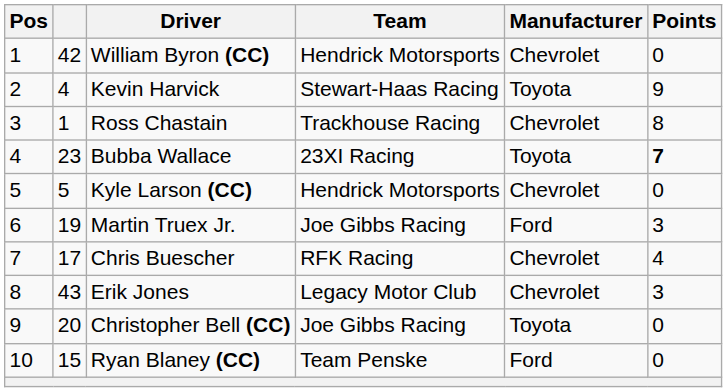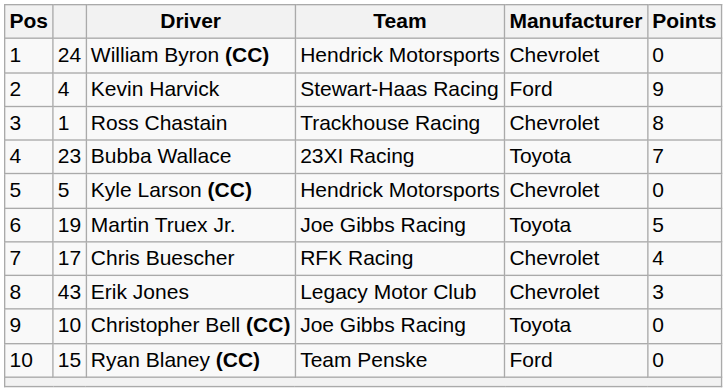 <table class="wikitable" style="font-size:98%">
 <tr>
 <th>Pos</th>
 <th></th>
 <th>Driver</th>
 <th>Team</th>
 <th>Manufacturer</th>
 <th>Points</th>
 </tr>
 <tr>
 <td>1</td>
-<td>42</td>
+<td>24</td>
 <td>William Byron <strong>(CC)</strong></td>
 <td>Hendrick Motorsports</td>
 <td>Chevrolet</td>
 <td>0</td>
 </tr>
 <tr>
 <td>2</td>
 <td>4</td>
 <td>Kevin Harvick</td>
 <td>Stewart-Haas Racing</td>
-<td>Toyota</td>
+<td>Ford</td>
 <td>9</td>
 </tr>
 <tr>
 <td>3</td>
 <td>1</td>
 <td>Ross Chastain</td>
 <td>Trackhouse Racing</td>
 <td>Chevrolet</td>
 <td>8</td>
 </tr>
 <tr>
 <td>4</td>
 <td>23</td>
 <td>Bubba Wallace</td>
 <td>23XI Racing</td>
 <td>Toyota</td>
-<td><strong>7</strong></td>
+<td>7</td>
 </tr>
 <tr>
 <td>5</td>
 <td>5</td>
 <td>Kyle Larson <strong>(CC)</strong></td>
 <td>Hendrick Motorsports</td>
 <td>Chevrolet</td>
 <td>0</td>
 </tr>
 <tr>
 <td>6</td>
 <td>19</td>
 <td>Martin Truex Jr.</td>
 <td>Joe Gibbs Racing</td>
-<td>Ford</td>
-<td>3</td>
+<td>Toyota</td>
+<td>5</td>
 </tr>
 <tr>
 <td>7</td>
 <td>17</td>
 <td>Chris Buescher</td>
 <td>RFK Racing</td>
 <td>Chevrolet</td>
 <td>4</td>
 </tr>
 <tr>
 <td>8</td>
 <td>43</td>
 <td>Erik Jones</td>
 <td>Legacy Motor Club</td>
 <td>Chevrolet</td>
 <td>3</td>
 </tr>
 <tr>
 <td>9</td>
-<td>20</td>
+<td>10</td>
 <td>Christopher Bell <strong>(CC)</strong></td>
 <td>Joe Gibbs Racing</td>
 <td>Toyota</td>
 <td>0</td>
 </tr>
 <tr>
 <td>10</td>
 <td>15</td>
 <td>Ryan Blaney <strong>(CC)</strong></td>
 <td>Team Penske</td>
 <td>Ford</td>
 <td>0</td>
 </tr>
 <tr>
 <th colspan="6"></th>
 </tr>
 </table>
